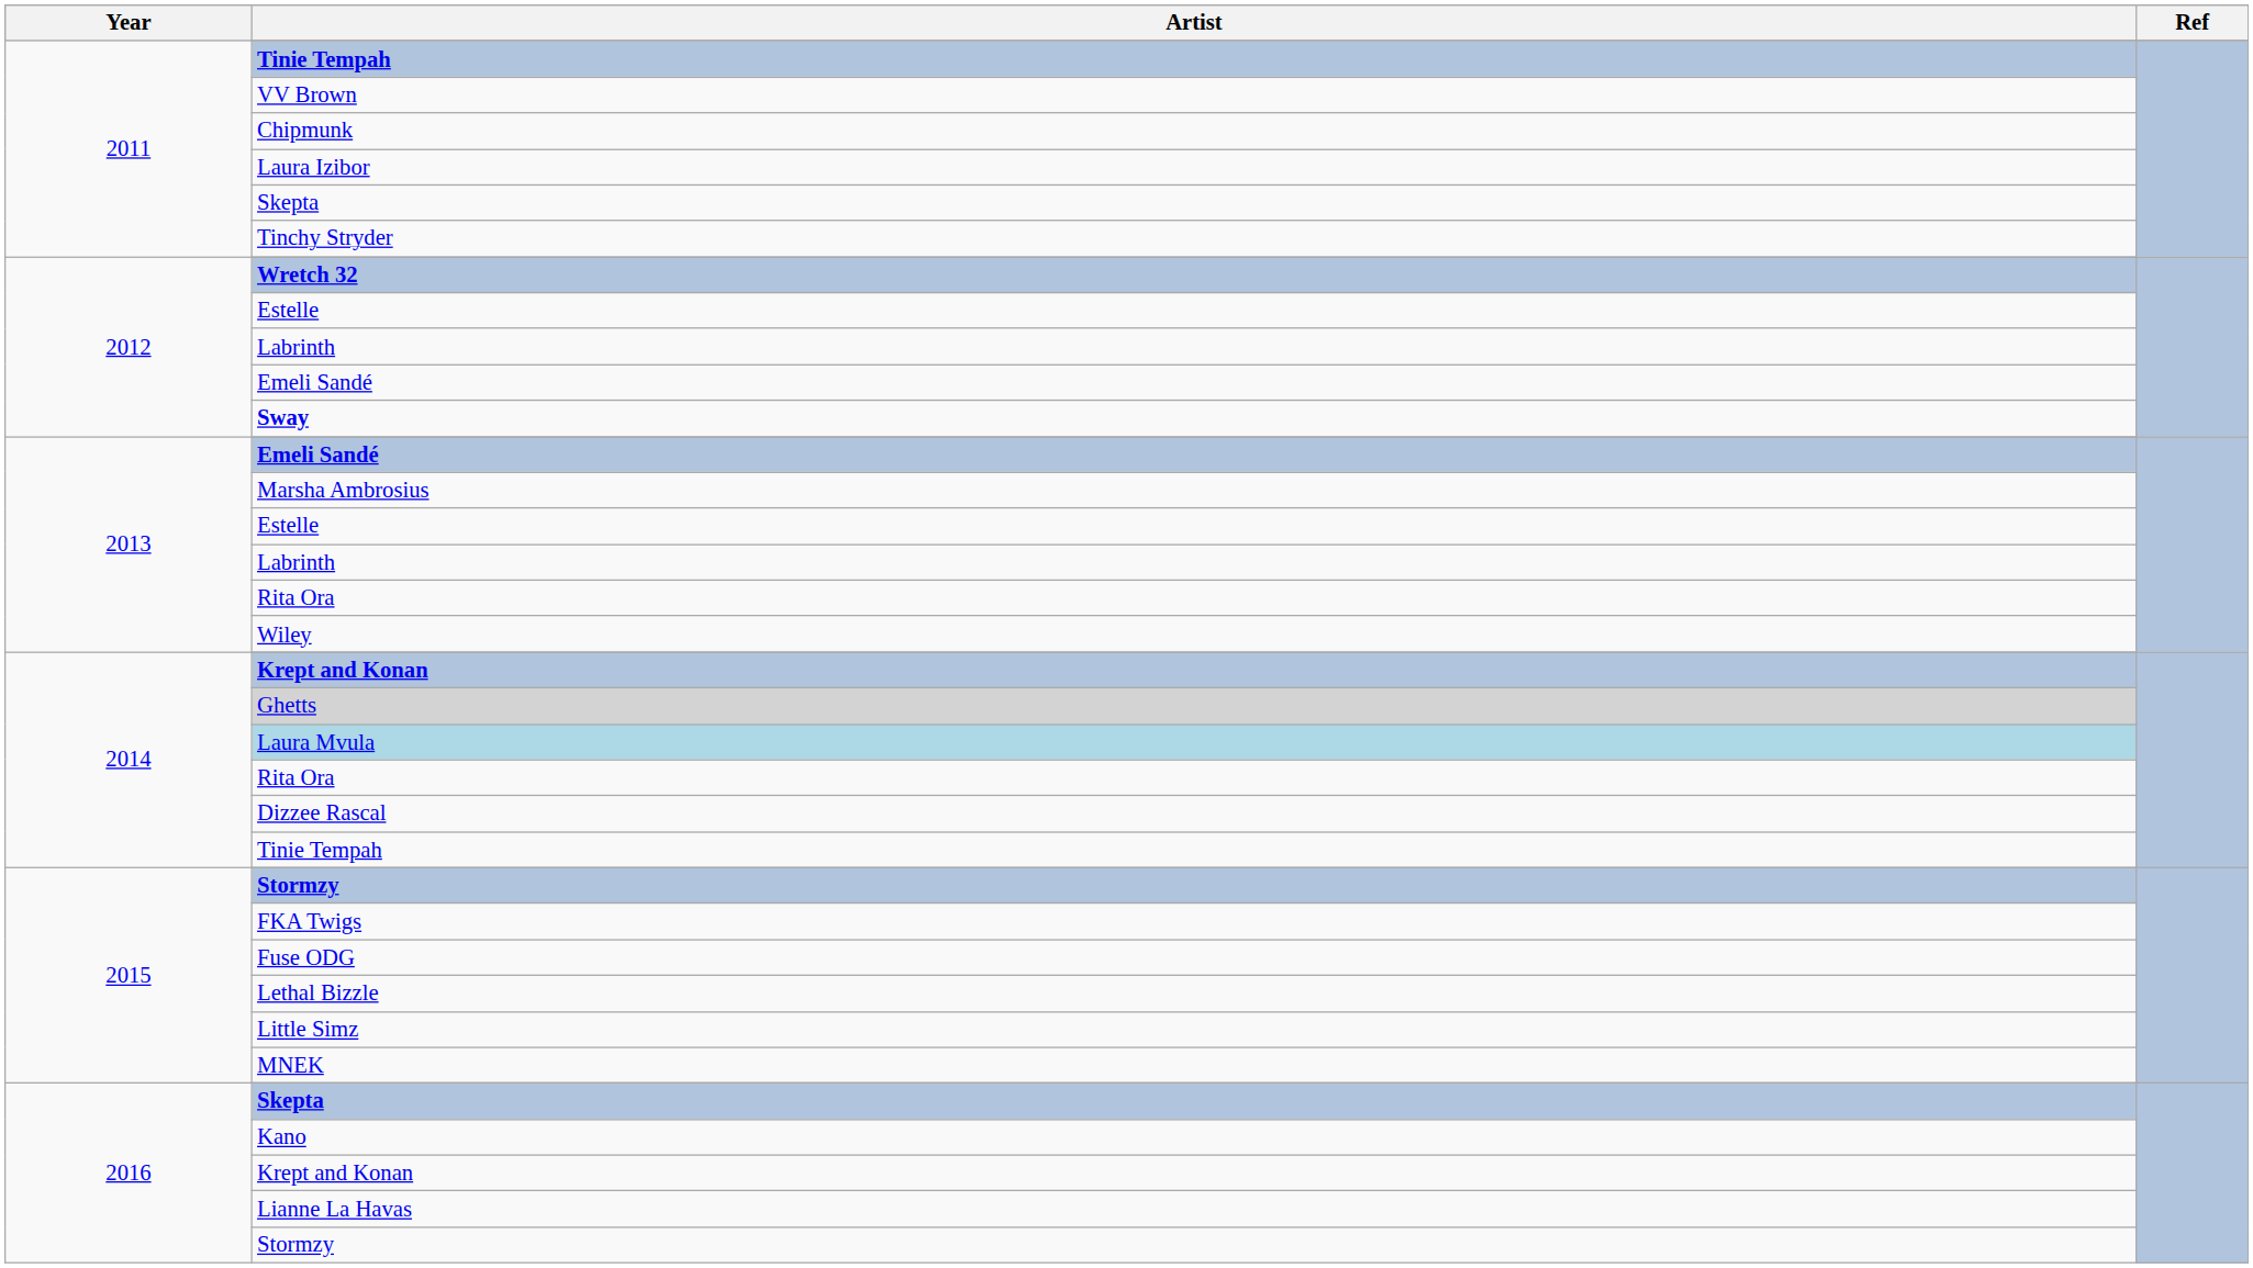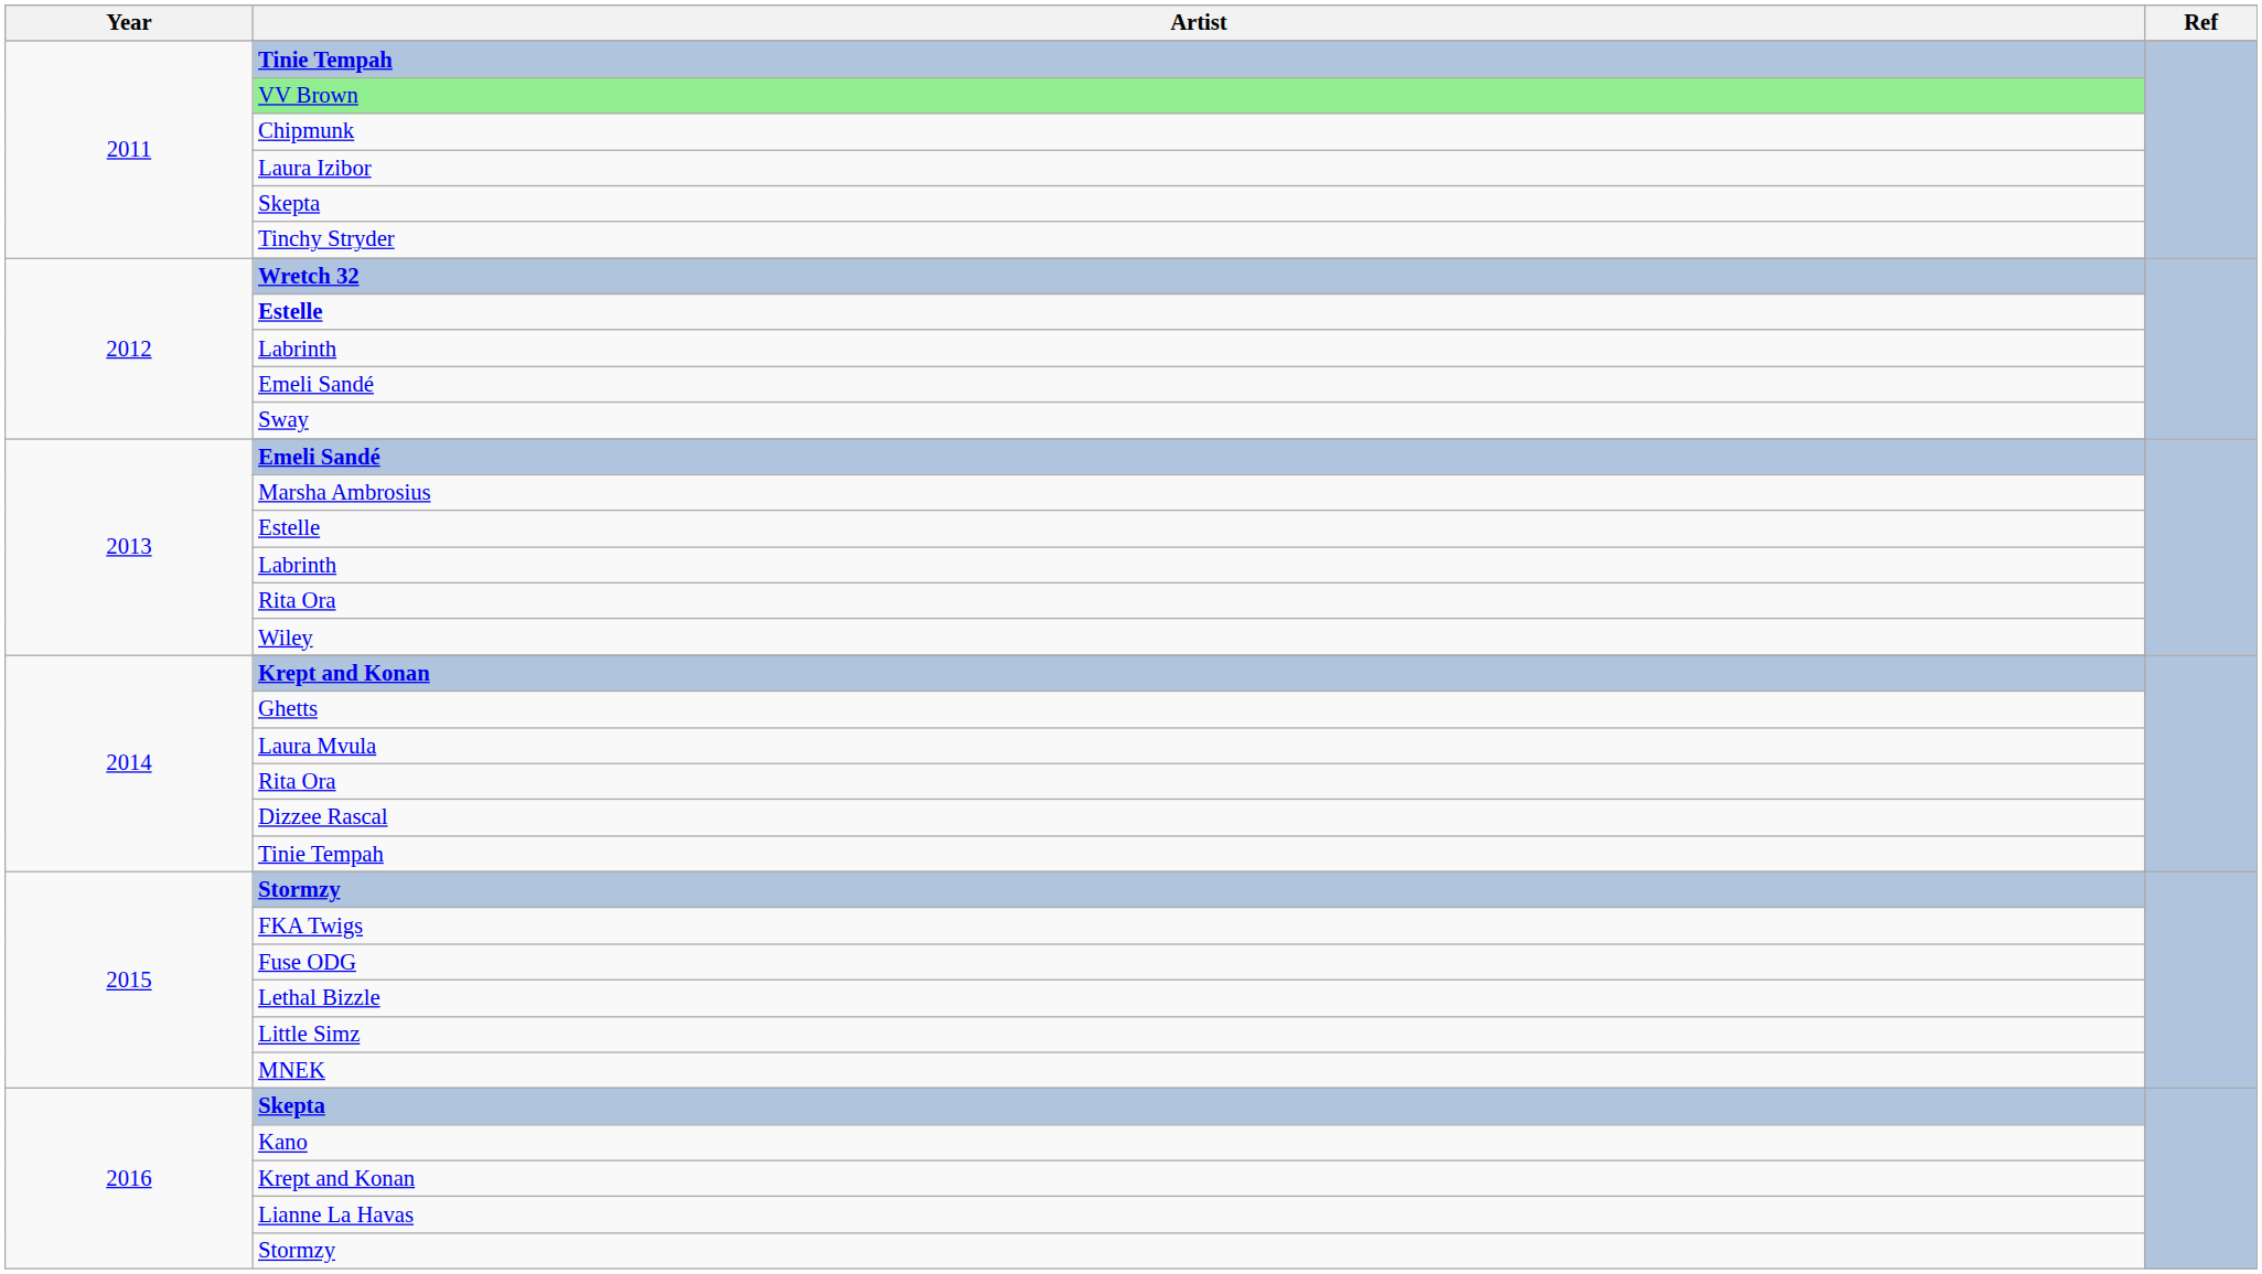 <table class="wikitable" style="width:100%;">
 <tr style="background:#bebebe;">
 <th style="width:11%;">Year</th>
 <th style="width:84%;">Artist</th>
 <th style="width:5%;">Ref</th>
 </tr>
 <tr>
 <td rowspan="7" align="center"><a href='#'>2011</a></td>
 </tr>
 <tr style="background:#B0C4DE">
 <td><strong><a href='#'>Tinie Tempah</a></strong></td>
 <td rowspan="7" align="center"></td>
 </tr>
 <tr>
-<td><a href='#'>VV Brown</a></td>
+<td style="background: lightgreen;"><a href='#'>VV Brown</a></td>
 </tr>
 <tr>
 <td><a href='#'>Chipmunk</a></td>
 </tr>
 <tr>
 <td><a href='#'>Laura Izibor</a></td>
 </tr>
 <tr>
 <td><a href='#'>Skepta</a></td>
 </tr>
 <tr>
 <td><a href='#'>Tinchy Stryder</a></td>
 </tr>
 <tr>
 <td rowspan="6" align="center"><a href='#'>2012</a></td>
 </tr>
 <tr style="background:#B0C4DE">
 <td><strong><a href='#'>Wretch 32</a></strong></td>
 <td rowspan="6" align="center"></td>
 </tr>
 <tr>
-<td><a href='#'>Estelle</a></td>
+<td><strong><a href='#'>Estelle</a></strong></td>
 </tr>
 <tr>
 <td><a href='#'>Labrinth</a></td>
 </tr>
 <tr>
 <td><a href='#'>Emeli Sandé</a></td>
 </tr>
 <tr>
-<td><strong><a href='#'>Sway</a></strong></td>
+<td><a href='#'>Sway</a></td>
 </tr>
 <tr>
 <td rowspan="7" align="center"><a href='#'>2013</a></td>
 </tr>
 <tr style="background:#B0C4DE">
 <td><strong><a href='#'>Emeli Sandé</a></strong></td>
 <td rowspan="7" align="center"></td>
 </tr>
 <tr>
 <td><a href='#'>Marsha Ambrosius</a></td>
 </tr>
 <tr>
 <td><a href='#'>Estelle</a></td>
 </tr>
 <tr>
 <td><a href='#'>Labrinth</a></td>
 </tr>
 <tr>
 <td><a href='#'>Rita Ora</a></td>
 </tr>
 <tr>
 <td><a href='#'>Wiley</a></td>
 </tr>
 <tr>
 <td rowspan="7" align="center"><a href='#'>2014</a></td>
 </tr>
 <tr style="background:#B0C4DE">
 <td><strong><a href='#'>Krept and Konan</a></strong></td>
 <td rowspan="7" align="center"></td>
 </tr>
 <tr>
-<td style="background: lightgrey;"><a href='#'>Ghetts</a></td>
+<td><a href='#'>Ghetts</a></td>
 </tr>
 <tr>
-<td style="background: lightblue;"><a href='#'>Laura Mvula</a></td>
+<td><a href='#'>Laura Mvula</a></td>
 </tr>
 <tr>
 <td><a href='#'>Rita Ora</a></td>
 </tr>
 <tr>
 <td><a href='#'>Dizzee Rascal</a></td>
 </tr>
 <tr>
 <td><a href='#'>Tinie Tempah</a></td>
 </tr>
 <tr>
 <td rowspan="7" align="center"><a href='#'>2015</a></td>
 </tr>
 <tr style="background:#B0C4DE">
 <td><strong><a href='#'>Stormzy</a></strong></td>
 <td rowspan="7" align="center"></td>
 </tr>
 <tr>
 <td><a href='#'>FKA Twigs</a></td>
 </tr>
 <tr>
 <td><a href='#'>Fuse ODG</a></td>
 </tr>
 <tr>
 <td><a href='#'>Lethal Bizzle</a></td>
 </tr>
 <tr>
 <td><a href='#'>Little Simz</a></td>
 </tr>
 <tr>
 <td><a href='#'>MNEK</a></td>
 </tr>
 <tr>
 <td rowspan="6" align="center"><a href='#'>2016</a></td>
 </tr>
 <tr style="background:#B0C4DE">
 <td><strong><a href='#'>Skepta</a></strong></td>
 <td rowspan="6" align="center"></td>
 </tr>
 <tr>
 <td><a href='#'>Kano</a></td>
 </tr>
 <tr>
 <td><a href='#'>Krept and Konan</a></td>
 </tr>
 <tr>
 <td><a href='#'>Lianne La Havas</a></td>
 </tr>
 <tr>
 <td><a href='#'>Stormzy</a></td>
 </tr>
 </table>
